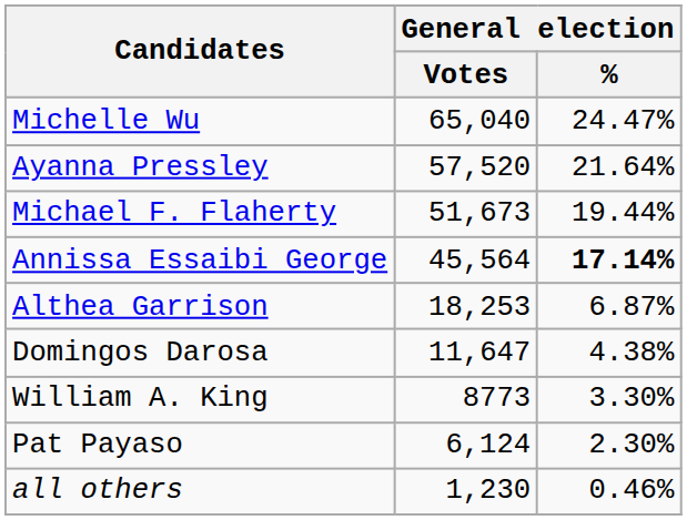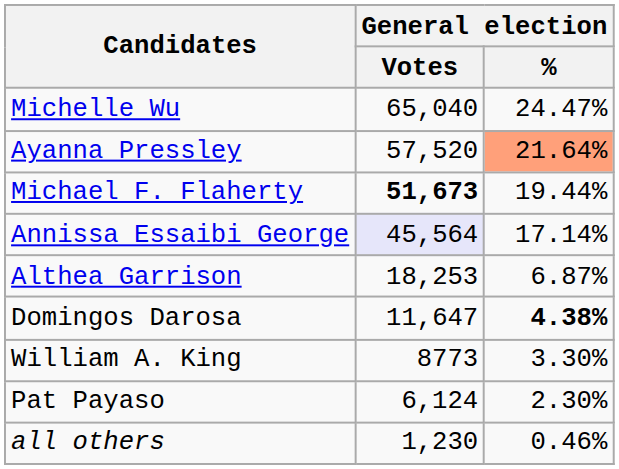 <table class=wikitable>
 <tr>
 <th colspan=1 rowspan=2><strong>Candidates</strong></th>
 <th colspan=2><strong>General election</strong></th>
 </tr>
 <tr>
 <th>Votes</th>
 <th>%</th>
 </tr>
 <tr>
 <td><a href='#'>Michelle Wu</a></td>
 <td align="right">65,040</td>
 <td align="right">24.47%</td>
 </tr>
 <tr>
 <td><a href='#'>Ayanna Pressley</a></td>
 <td align="right">57,520</td>
-<td align="right">21.64%</td>
+<td align="right" style="background: lightsalmon;">21.64%</td>
 </tr>
 <tr>
 <td><a href='#'>Michael F. Flaherty</a></td>
-<td align="right">51,673</td>
+<td align="right"><strong>51,673</strong></td>
 <td align="right">19.44%</td>
 </tr>
 <tr>
 <td><a href='#'>Annissa Essaibi George</a></td>
-<td align="right">45,564</td>
-<td align="right"><strong>17.14%</strong></td>
+<td align="right" style="background: lavender;">45,564</td>
+<td align="right">17.14%</td>
 </tr>
 <tr>
 <td><a href='#'>Althea Garrison</a></td>
 <td align="right">18,253</td>
 <td align="right">6.87%</td>
 </tr>
 <tr>
 <td>Domingos Darosa</td>
 <td align="right">11,647</td>
-<td align="right">4.38%</td>
+<td align="right"><strong>4.38%</strong></td>
 </tr>
 <tr>
 <td>William A. King</td>
 <td align="right">8773</td>
 <td align="right">3.30%</td>
 </tr>
 <tr>
 <td>Pat Payaso</td>
 <td align="right">6,124</td>
 <td align="right">2.30%</td>
 </tr>
 <tr>
 <td><em>all others</em></td>
 <td align="right">1,230</td>
 <td align="right">0.46%</td>
 </tr>
 </table>
